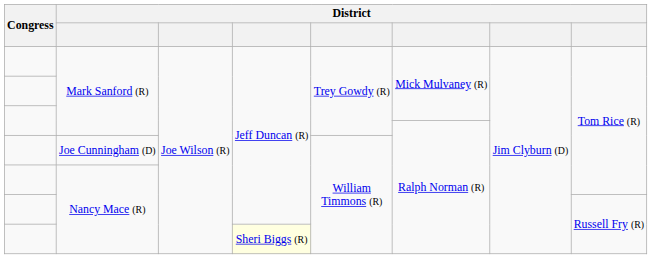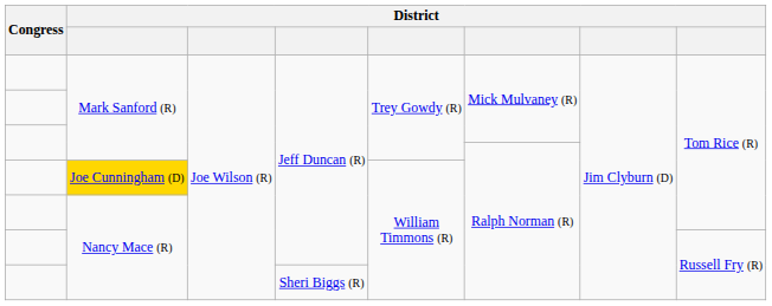 <table class=wikitable style="text-align:center">
 <tr>
 <th rowspan=2>Congress</th>
 <th colspan=7>District</th>
 </tr>
 <tr style="height:2em">
 <th></th>
 <th></th>
 <th></th>
 <th></th>
 <th></th>
 <th></th>
 <th></th>
 </tr>
 <tr style="height:2.5em">
 <td><strong></strong> </td>
 <td rowspan="4" ><a href='#'>Mark Sanford</a> <small>(R)</small></td>
 <td rowspan="8" ><a href='#'>Joe Wilson</a> <small>(R)</small></td>
 <td rowspan="7" ><a href='#'>Jeff Duncan</a> <small>(R)</small></td>
 <td rowspan="4" ><a href='#'>Trey Gowdy</a> <small>(R)</small></td>
 <td rowspan="3" ><a href='#'>Mick Mulvaney</a> <small>(R)</small></td>
 <td rowspan="8" ><a href='#'>Jim Clyburn</a> <small>(D)</small></td>
 <td rowspan="6" ><a href='#'>Tom Rice</a> <small>(R)</small></td>
 </tr>
 <tr style="height:2.5em">
 <td><strong></strong> </td>
 </tr>
 <tr style="height:1.25em">
 <td rowspan="2"><strong></strong> </td>
 </tr>
 <tr style="height:1.25em">
 <td rowspan="5" ><a href='#'>Ralph Norman</a> <small>(R)</small></td>
 </tr>
 <tr style="height:2.5em">
 <td><strong></strong> </td>
-<td><a href='#'>Joe Cunningham</a> <small>(D)</small></td>
+<td style="background: gold;"><a href='#'>Joe Cunningham</a> <small>(D)</small></td>
 <td rowspan="4" ><a href='#'>William<br>Timmons</a> <small>(R)</small></td>
 </tr>
 <tr style="height:2.5em">
 <td><strong></strong> </td>
 <td rowspan="3" ><a href='#'>Nancy Mace</a> <small>(R)</small></td>
 </tr>
 <tr style="height:2.5em">
 <td><strong></strong> </td>
 <td rowspan="2" ><a href='#'>Russell Fry</a> <small>(R)</small></td>
 </tr>
 <tr style="height:2.5em">
 <td><strong></strong> </td>
-<td style="background: lightyellow;"><a href='#'>Sheri Biggs</a> <small>(R)</small></td>
+<td><a href='#'>Sheri Biggs</a> <small>(R)</small></td>
 </tr>
 </table>
